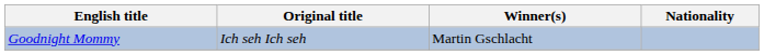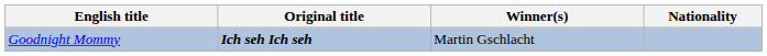 <table class="wikitable" width="95%" cellpadding="5">
 <tr>
 <th width="18%">English title</th>
 <th width="18%">Original title</th>
 <th width="18%">Winner(s)</th>
 <th width="10%">Nationality</th>
 </tr>
 <tr style="background:#B0C4DE;">
 <td><em><a href='#'>Goodnight Mommy</a></em></td>
-<td><em>Ich seh Ich seh</em></td>
+<td><strong><em>Ich seh Ich seh</em></strong></td>
 <td>Martin Gschlacht</td>
 <td></td>
 </tr>
 <tr>
 </tr>
 </table>
